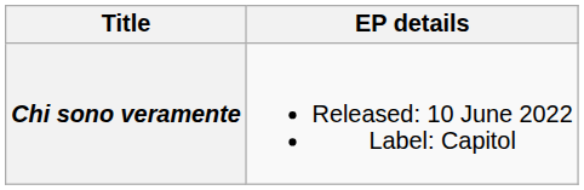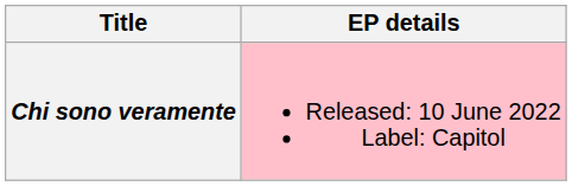 <table class="wikitable plainrowheaders" style="text-align:center;">
 <tr>
 <th scope="col">Title</th>
 <th scope="col">EP details</th>
 </tr>
 <tr>
 <th scope="row"><em>Chi sono veramente</em></th>
-<td><br><ul><li>Released: 10 June 2022</li><li>Label: Capitol</li></ul></td>
+<td style="background: pink;"><br><ul><li>Released: 10 June 2022</li><li>Label: Capitol</li></ul></td>
 </tr>
 </table>
